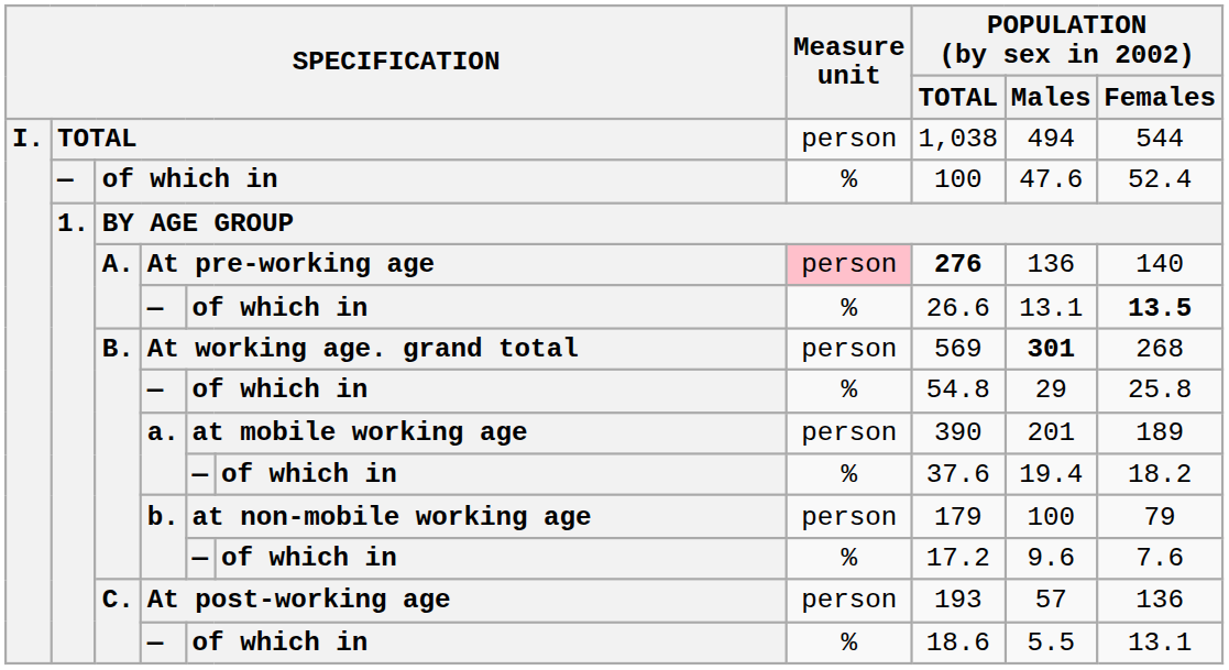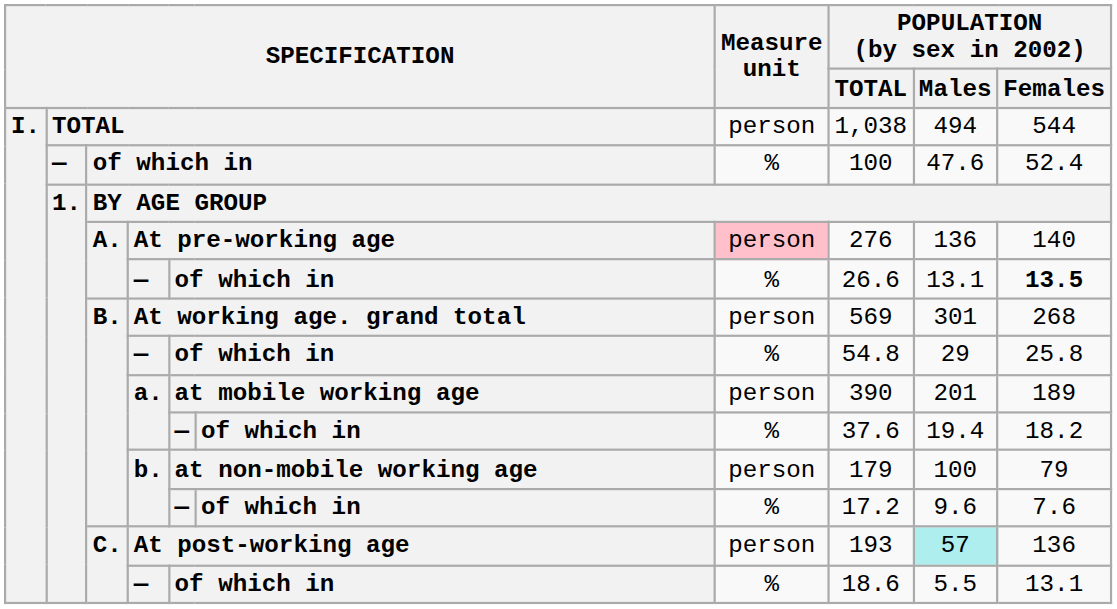 <table class="wikitable" style="font-size:85%; text-align:center">
 <tr>
 <th rowspan="2" colspan="6">SPECIFICATION</th>
 <th rowspan="2">Measure<br> unit</th>
 <th colspan="3" rowspan="1">POPULATION<br> (by sex in 2002)</th>
 </tr>
 <tr>
 <th>TOTAL</th>
 <th>Males</th>
 <th>Females</th>
 </tr>
 <tr>
 <th style="text-align:left" valign="top" rowspan="13">I.</th>
 <th style="text-align:left" colspan="5">TOTAL</th>
 <td>person</td>
 <td>1,038</td>
 <td>494</td>
 <td>544</td>
 </tr>
 <tr>
 <th style="text-align:left" valign="top">—</th>
 <th style="text-align:left" colspan="4">of which in</th>
 <td>%</td>
 <td>100</td>
 <td>47.6</td>
 <td>52.4</td>
 </tr>
 <tr>
 <th style="text-align:left" valign="top" rowspan="11">1.</th>
 <th style="text-align:left" colspan="19">BY AGE GROUP</th>
 </tr>
 <tr>
 <th style="text-align:left" valign="top" rowspan="2">A.</th>
 <th style="text-align:left" colspan="3">At pre-working age</th>
 <td style="background: pink;">person</td>
-<td><strong>276</strong></td>
+<td>276</td>
 <td>136</td>
 <td>140</td>
 </tr>
 <tr>
 <th style="text-align:left" valign="top">—</th>
 <th style="text-align:left" valign="top" colspan="2">of which in</th>
 <td>%</td>
 <td>26.6</td>
 <td>13.1</td>
 <td><strong>13.5</strong></td>
 </tr>
 <tr>
 <th style="text-align:left" valign="top" rowspan="6">B.</th>
 <th style="text-align:left" colspan="3">At working age. grand total</th>
 <td>person</td>
 <td>569</td>
-<td><strong>301</strong></td>
+<td>301</td>
 <td>268</td>
 </tr>
 <tr>
 <th style="text-align:left" valign="top">—</th>
 <th style="text-align:left" valign="top" colspan="2">of which in</th>
 <td>%</td>
 <td>54.8</td>
 <td>29</td>
 <td>25.8</td>
 </tr>
 <tr>
 <th style="text-align:left" valign="top" rowspan="2">a.</th>
 <th style="text-align:left" colspan="2">at mobile working age</th>
 <td>person</td>
 <td>390</td>
 <td>201</td>
 <td>189</td>
 </tr>
 <tr>
 <th style="text-align:left" valign="top">—</th>
 <th style="text-align:left" valign="top" colspan="1">of which in                        </th>
 <td>%</td>
 <td>37.6</td>
 <td>19.4</td>
 <td>18.2</td>
 </tr>
 <tr>
 <th style="text-align:left" valign="top" rowspan="2">b.</th>
 <th style="text-align:left" colspan="2">at non-mobile working age</th>
 <td>person</td>
 <td>179</td>
 <td>100</td>
 <td>79</td>
 </tr>
 <tr>
 <th style="text-align:left" valign="top">—</th>
 <th style="text-align:left" valign="top" colspan="1">of which in                        </th>
 <td>%</td>
 <td>17.2</td>
 <td>9.6</td>
 <td>7.6</td>
 </tr>
 <tr>
 <th style="text-align:left" valign="top" rowspan="2">C.</th>
 <th style="text-align:left" colspan="3">At post-working age</th>
 <td>person</td>
 <td>193</td>
-<td>57</td>
+<td style="background: paleturquoise;">57</td>
 <td>136</td>
 </tr>
 <tr>
 <th style="text-align:left" valign="top">—</th>
 <th style="text-align:left" valign="top" colspan="2">of which in</th>
 <td>%</td>
 <td>18.6</td>
 <td>5.5</td>
 <td>13.1</td>
 </tr>
 </table>
